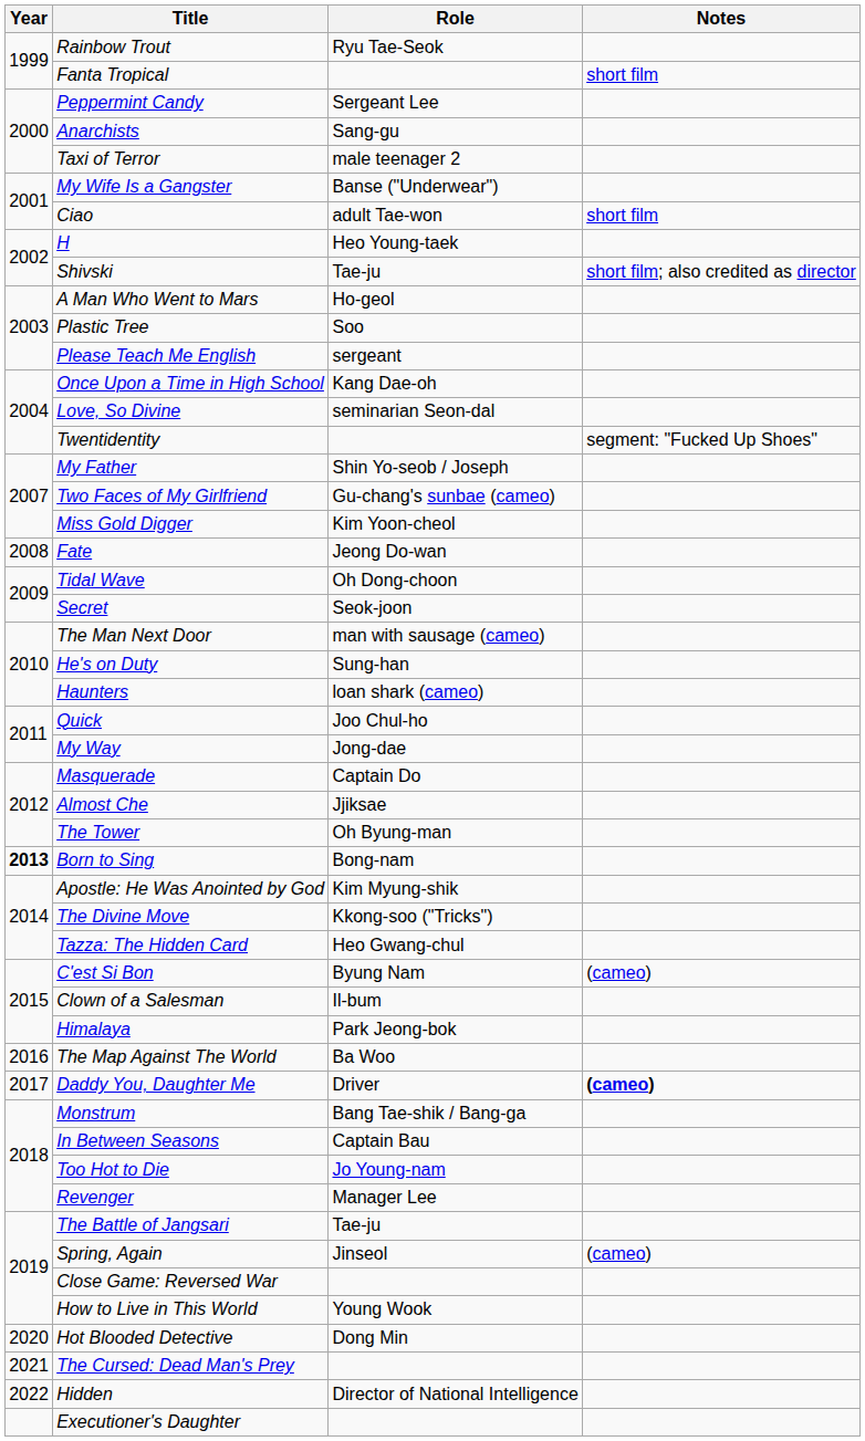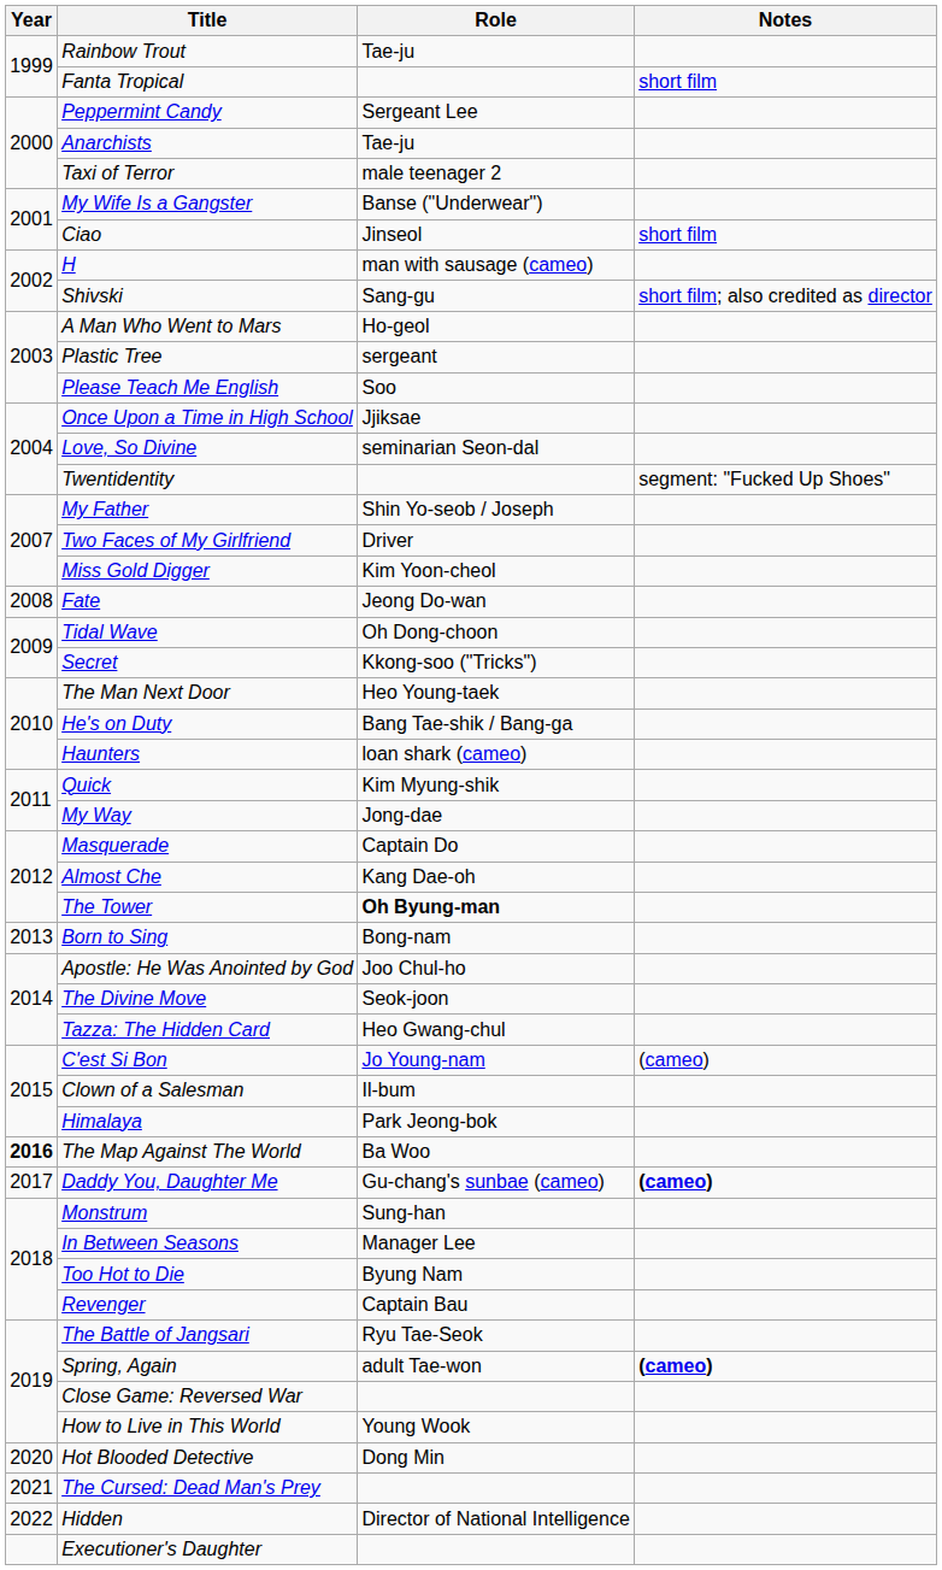 <table class="wikitable">
 <tr>
 <th>Year</th>
 <th>Title</th>
 <th>Role</th>
 <th>Notes</th>
 </tr>
 <tr>
 <td rowspan=2>1999</td>
 <td><em>Rainbow Trout</em></td>
-<td>Ryu Tae-Seok</td>
+<td>Tae-ju</td>
 <td></td>
 </tr>
 <tr>
 <td><em>Fanta Tropical</em></td>
 <td></td>
 <td><a href='#'>short film</a></td>
 </tr>
 <tr>
 <td rowspan=3>2000</td>
 <td><em><a href='#'>Peppermint Candy</a></em></td>
 <td>Sergeant Lee</td>
 <td></td>
 </tr>
 <tr>
 <td><em><a href='#'>Anarchists</a></em></td>
-<td>Sang-gu</td>
+<td>Tae-ju</td>
 <td></td>
 </tr>
 <tr>
 <td><em>Taxi of Terror</em></td>
 <td>male teenager 2</td>
 <td></td>
 </tr>
 <tr>
 <td rowspan=2>2001</td>
 <td><em><a href='#'>My Wife Is a Gangster</a></em></td>
 <td>Banse ("Underwear")</td>
 <td></td>
 </tr>
 <tr>
 <td><em>Ciao</em></td>
-<td>adult Tae-won</td>
+<td>Jinseol</td>
 <td><a href='#'>short film</a></td>
 </tr>
 <tr>
 <td rowspan=2>2002</td>
 <td><em><a href='#'>H</a></em></td>
-<td>Heo Young-taek</td>
+<td>man with sausage (<a href='#'>cameo</a>)</td>
 <td></td>
 </tr>
 <tr>
 <td><em>Shivski</em></td>
-<td>Tae-ju</td>
+<td>Sang-gu</td>
 <td><a href='#'>short film</a>; also credited as <a href='#'>director</a></td>
 </tr>
 <tr>
 <td rowspan=3>2003</td>
 <td><em>A Man Who Went to Mars</em></td>
 <td>Ho-geol</td>
 <td></td>
 </tr>
 <tr>
 <td><em>Plastic Tree</em></td>
-<td>Soo</td>
+<td>sergeant</td>
 <td></td>
 </tr>
 <tr>
 <td><em><a href='#'>Please Teach Me English</a></em></td>
-<td>sergeant</td>
+<td>Soo</td>
 <td></td>
 </tr>
 <tr>
 <td rowspan=3>2004</td>
 <td><em><a href='#'>Once Upon a Time in High School</a></em></td>
-<td>Kang Dae-oh</td>
+<td>Jjiksae</td>
 <td></td>
 </tr>
 <tr>
 <td><em><a href='#'>Love, So Divine</a></em></td>
 <td>seminarian Seon-dal</td>
 <td></td>
 </tr>
 <tr>
 <td><em>Twentidentity</em></td>
 <td></td>
 <td>segment: "Fucked Up Shoes"</td>
 </tr>
 <tr>
 <td rowspan=3>2007</td>
 <td><em><a href='#'>My Father</a></em></td>
 <td>Shin Yo-seob / Joseph</td>
 <td></td>
 </tr>
 <tr>
 <td><em><a href='#'>Two Faces of My Girlfriend</a></em></td>
-<td>Gu-chang's <a href='#'>sunbae</a> (<a href='#'>cameo</a>)</td>
+<td>Driver</td>
 <td></td>
 </tr>
 <tr>
 <td><em><a href='#'>Miss Gold Digger</a></em></td>
 <td>Kim Yoon-cheol</td>
 <td></td>
 </tr>
 <tr>
 <td>2008</td>
 <td><em><a href='#'>Fate</a></em></td>
 <td>Jeong Do-wan</td>
 <td></td>
 </tr>
 <tr>
 <td rowspan=2>2009</td>
 <td><em><a href='#'>Tidal Wave</a></em></td>
 <td>Oh Dong-choon</td>
 <td></td>
 </tr>
 <tr>
 <td><em><a href='#'>Secret</a></em></td>
-<td>Seok-joon</td>
+<td>Kkong-soo ("Tricks")</td>
 <td></td>
 </tr>
 <tr>
 <td rowspan=3>2010</td>
 <td><em>The Man Next Door</em></td>
-<td>man with sausage (<a href='#'>cameo</a>)</td>
+<td>Heo Young-taek</td>
 <td></td>
 </tr>
 <tr>
 <td><em><a href='#'>He's on Duty</a></em></td>
-<td>Sung-han</td>
+<td>Bang Tae-shik / Bang-ga</td>
 <td></td>
 </tr>
 <tr>
 <td><em><a href='#'>Haunters</a></em></td>
 <td>loan shark (<a href='#'>cameo</a>)</td>
 <td></td>
 </tr>
 <tr>
 <td rowspan=2>2011</td>
 <td><em><a href='#'>Quick</a></em></td>
-<td>Joo Chul-ho</td>
+<td>Kim Myung-shik</td>
 <td></td>
 </tr>
 <tr>
 <td><em><a href='#'>My Way</a></em></td>
 <td>Jong-dae</td>
 <td></td>
 </tr>
 <tr>
 <td rowspan=3>2012</td>
 <td><em><a href='#'>Masquerade</a></em></td>
 <td>Captain Do</td>
 <td></td>
 </tr>
 <tr>
 <td><em><a href='#'>Almost Che</a></em></td>
-<td>Jjiksae</td>
+<td>Kang Dae-oh</td>
 <td></td>
 </tr>
 <tr>
 <td><em><a href='#'>The Tower</a></em></td>
-<td>Oh Byung-man</td>
+<td><strong>Oh Byung-man</strong></td>
 <td></td>
 </tr>
 <tr>
-<td><strong>2013</strong></td>
+<td>2013</td>
 <td><em><a href='#'>Born to Sing</a></em></td>
 <td>Bong-nam</td>
 <td></td>
 </tr>
 <tr>
 <td rowspan=3>2014</td>
 <td><em>Apostle: He Was Anointed by God</em></td>
-<td>Kim Myung-shik</td>
+<td>Joo Chul-ho</td>
 <td></td>
 </tr>
 <tr>
 <td><em><a href='#'>The Divine Move</a></em></td>
-<td>Kkong-soo ("Tricks")</td>
+<td>Seok-joon</td>
 <td></td>
 </tr>
 <tr>
 <td><em><a href='#'>Tazza: The Hidden Card</a></em></td>
 <td>Heo Gwang-chul</td>
 <td></td>
 </tr>
 <tr>
 <td rowspan=3>2015</td>
 <td><em><a href='#'>C'est Si Bon</a></em></td>
-<td>Byung Nam</td>
+<td><a href='#'>Jo Young-nam</a></td>
 <td>(<a href='#'>cameo</a>)</td>
 </tr>
 <tr>
 <td><em>Clown of a Salesman</em></td>
 <td>Il-bum</td>
 <td></td>
 </tr>
 <tr>
 <td><em><a href='#'>Himalaya</a></em></td>
 <td>Park Jeong-bok</td>
 <td></td>
 </tr>
 <tr>
-<td>2016</td>
+<td><strong>2016</strong></td>
 <td><em>The Map Against The World</em></td>
 <td>Ba Woo</td>
 <td></td>
 </tr>
 <tr>
 <td>2017</td>
 <td><em><a href='#'>Daddy You, Daughter Me</a></em></td>
-<td>Driver</td>
+<td>Gu-chang's <a href='#'>sunbae</a> (<a href='#'>cameo</a>)</td>
 <td><strong>(<a href='#'>cameo</a>)</strong></td>
 </tr>
 <tr>
 <td rowspan=4>2018</td>
 <td><em><a href='#'>Monstrum</a></em></td>
-<td>Bang Tae-shik / Bang-ga</td>
+<td>Sung-han</td>
 <td></td>
 </tr>
 <tr>
 <td><em><a href='#'>In Between Seasons</a></em></td>
-<td>Captain Bau</td>
+<td>Manager Lee</td>
 <td></td>
 </tr>
 <tr>
 <td><em><a href='#'>Too Hot to Die</a></em></td>
-<td><a href='#'>Jo Young-nam</a></td>
+<td>Byung Nam</td>
 <td></td>
 </tr>
 <tr>
 <td><em><a href='#'>Revenger</a></em></td>
-<td>Manager Lee</td>
+<td>Captain Bau</td>
 <td></td>
 </tr>
 <tr>
 <td rowspan=4>2019</td>
 <td><em><a href='#'>The Battle of Jangsari</a></em></td>
-<td>Tae-ju</td>
+<td>Ryu Tae-Seok</td>
 <td></td>
 </tr>
 <tr>
 <td><em>Spring, Again</em></td>
-<td>Jinseol</td>
-<td>(<a href='#'>cameo</a>)</td>
+<td>adult Tae-won</td>
+<td><strong>(<a href='#'>cameo</a>)</strong></td>
 </tr>
 <tr>
 <td><em>Close Game: Reversed War</em></td>
 <td></td>
 <td></td>
 </tr>
 <tr>
 <td><em>How to Live in This World</em></td>
 <td>Young Wook</td>
 <td></td>
 </tr>
 <tr>
 <td>2020</td>
 <td><em>Hot Blooded Detective</em></td>
 <td>Dong Min</td>
 <td></td>
 </tr>
 <tr>
 <td>2021</td>
 <td><em><a href='#'>The Cursed: Dead Man's Prey</a></em></td>
 <td></td>
 <td></td>
 </tr>
 <tr>
 <td>2022</td>
 <td><em>Hidden</em></td>
 <td>Director of National Intelligence</td>
 <td></td>
 </tr>
 <tr>
 <td></td>
 <td><em>Executioner's Daughter</em></td>
 <td></td>
 <td></td>
 </tr>
 </table>
